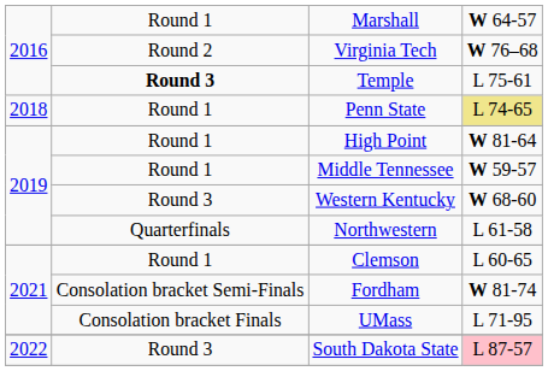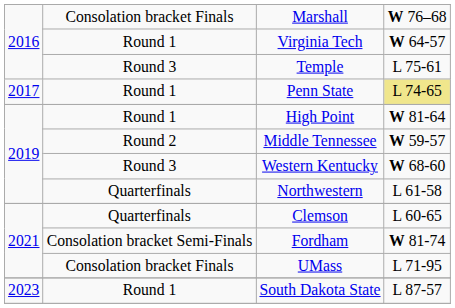 <table class="wikitable" style="text-align:center">
 <tr>
 </tr>
 <tr>
 <td rowspan=3><a href='#'>2016</a></td>
+<td>Consolation bracket Finals</td>
+<td><a href='#'>Marshall</a></td>
+<td><strong>W</strong> 76–68</td>
+</tr>
+<tr style="text-align:center;">
 <td>Round 1</td>
-<td><a href='#'>Marshall</a></td>
+<td><a href='#'>Virginia Tech</a></td>
 <td><strong>W</strong> 64-57</td>
 </tr>
 <tr style="text-align:center;">
-<td>Round 2</td>
-<td><a href='#'>Virginia Tech</a></td>
-<td><strong>W</strong> 76–68</td>
-</tr>
-<tr style="text-align:center;">
-<td><strong>Round 3</strong></td>
+<td>Round 3</td>
 <td><a href='#'>Temple</a></td>
 <td>L 75-61</td>
 </tr>
 <tr>
-<td rowspan=1><a href='#'>2018</a></td>
+<td rowspan=1><a href='#'>2017</a></td>
 <td>Round 1</td>
 <td><a href='#'>Penn State</a></td>
 <td style="background: khaki;">L 74-65</td>
 </tr>
 <tr style="text-align:center;">
 </tr>
 <tr>
 <td rowspan=4><a href='#'>2019</a></td>
 <td>Round 1</td>
 <td><a href='#'>High Point</a></td>
 <td><strong>W</strong> 81-64</td>
 </tr>
 <tr style="text-align:center;">
-<td>Round 1</td>
+<td>Round 2</td>
 <td><a href='#'>Middle Tennessee</a></td>
 <td><strong>W</strong> 59-57</td>
 </tr>
 <tr style="text-align:center;">
 <td>Round 3</td>
 <td><a href='#'>Western Kentucky</a></td>
 <td><strong>W</strong> 68-60</td>
 </tr>
 <tr style="text-align:center;">
 <td>Quarterfinals</td>
 <td><a href='#'>Northwestern</a></td>
 <td>L 61-58</td>
 </tr>
 <tr style="text-align:center;">
 </tr>
 <tr>
 <td rowspan=3><a href='#'>2021</a></td>
-<td>Round 1</td>
+<td>Quarterfinals</td>
 <td><a href='#'>Clemson</a></td>
 <td>L 60-65</td>
 </tr>
 <tr style="text-align:center;">
 <td>Consolation bracket Semi-Finals</td>
 <td><a href='#'>Fordham</a></td>
 <td><strong>W</strong> 81-74</td>
 </tr>
 <tr style=“text-align:center;”>
 <td>Consolation bracket Finals</td>
 <td><a href='#'>UMass</a></td>
 <td>L 71-95</td>
 </tr>
 <tr style="text-align:center;">
 </tr>
 <tr>
-<td rowspan=1><a href='#'>2022</a></td>
-<td>Round 3</td>
+<td rowspan=1><a href='#'>2023</a></td>
+<td>Round 1</td>
 <td><a href='#'>South Dakota State</a></td>
-<td style="background: pink;">L 87-57</td>
+<td>L 87-57</td>
 </tr>
 <tr>
 </tr>
 </table>
